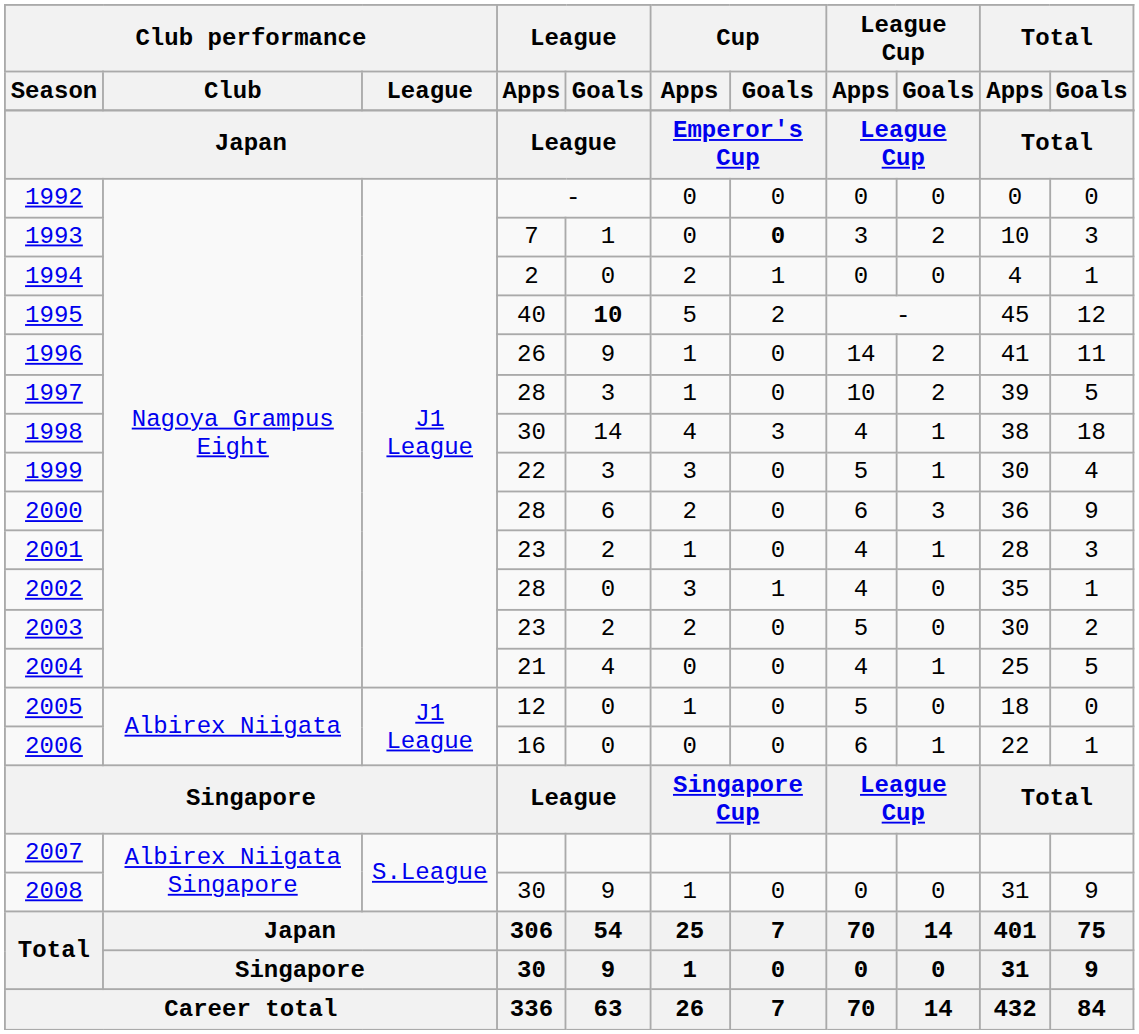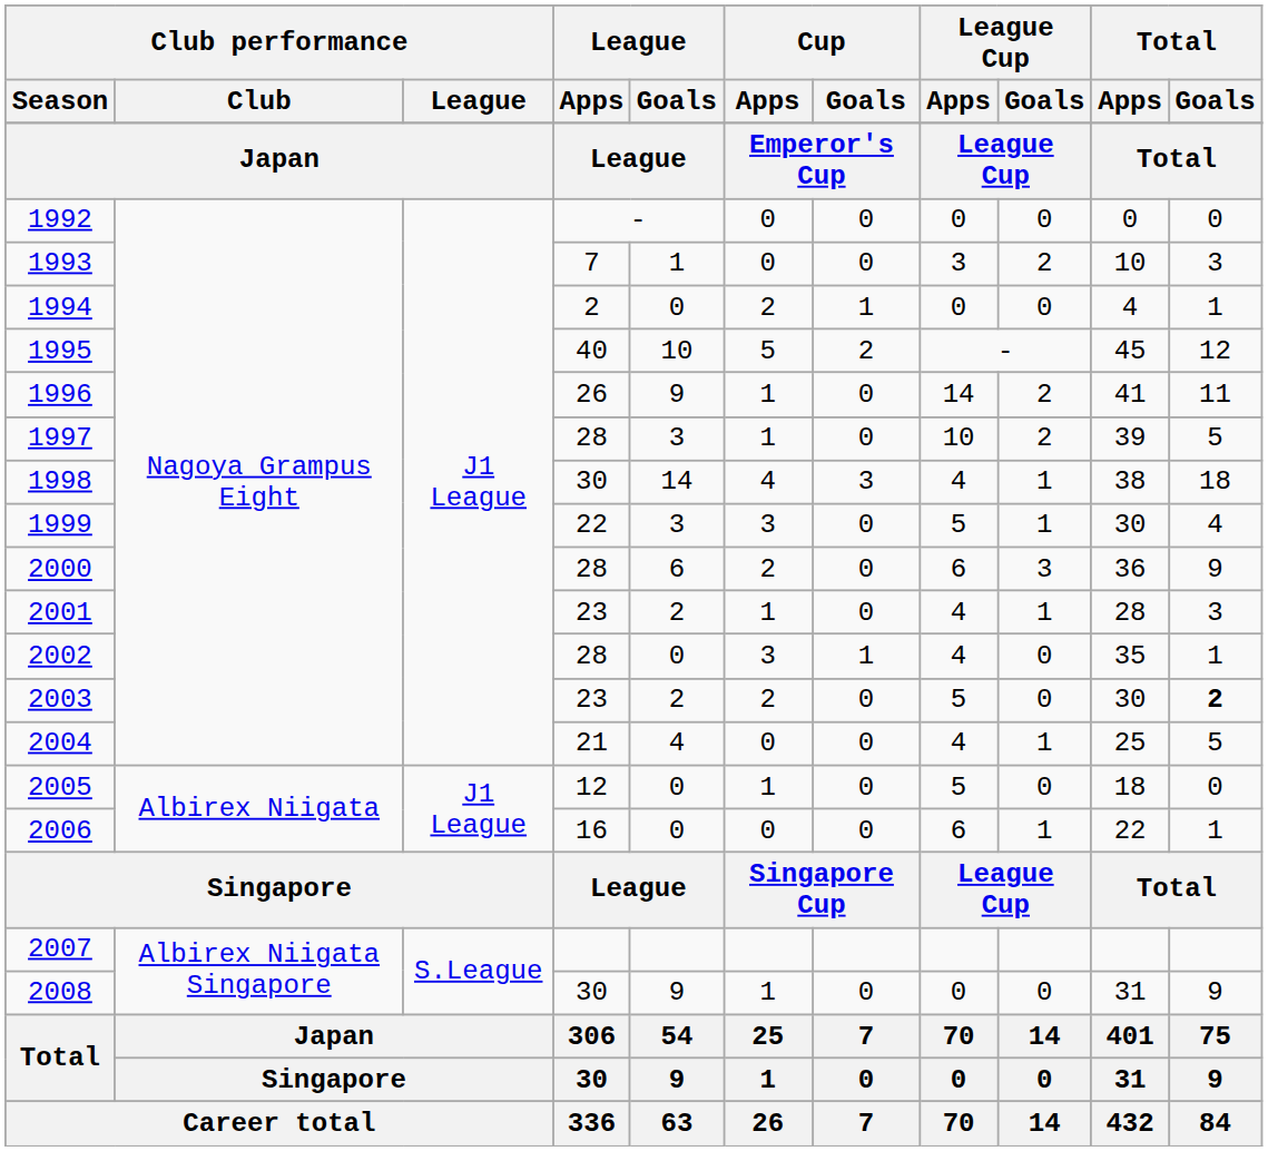 <table class="wikitable" style="text-align:center">
 <tr>
 <th colspan=3>Club performance</th>
 <th colspan=2>League</th>
 <th colspan=2>Cup</th>
 <th colspan=2>League Cup</th>
 <th colspan=2>Total</th>
 </tr>
 <tr>
 <th>Season</th>
 <th>Club</th>
 <th>League</th>
 <th>Apps</th>
 <th>Goals</th>
 <th>Apps</th>
 <th>Goals</th>
 <th>Apps</th>
 <th>Goals</th>
 <th>Apps</th>
 <th>Goals</th>
 </tr>
 <tr>
 </tr>
 <tr>
 <th colspan=3>Japan</th>
 <th colspan=2>League</th>
 <th colspan=2><a href='#'>Emperor's Cup</a></th>
 <th colspan=2><a href='#'>League Cup</a></th>
 <th colspan=2>Total</th>
 </tr>
 <tr>
 <td><a href='#'>1992</a></td>
 <td rowspan="13"><a href='#'>Nagoya Grampus Eight</a></td>
 <td rowspan="13"><a href='#'>J1 League</a></td>
 <td colspan="2">-</td>
 <td>0</td>
 <td>0</td>
 <td>0</td>
 <td>0</td>
 <td>0</td>
 <td>0</td>
 </tr>
 <tr>
 <td><a href='#'>1993</a></td>
 <td>7</td>
 <td>1</td>
 <td>0</td>
-<td><strong>0</strong></td>
+<td>0</td>
 <td>3</td>
 <td>2</td>
 <td>10</td>
 <td>3</td>
 </tr>
 <tr>
 <td><a href='#'>1994</a></td>
 <td>2</td>
 <td>0</td>
 <td>2</td>
 <td>1</td>
 <td>0</td>
 <td>0</td>
 <td>4</td>
 <td>1</td>
 </tr>
 <tr>
 <td><a href='#'>1995</a></td>
 <td>40</td>
-<td><strong>10</strong></td>
+<td>10</td>
 <td>5</td>
 <td>2</td>
 <td colspan="2">-</td>
 <td>45</td>
 <td>12</td>
 </tr>
 <tr>
 <td><a href='#'>1996</a></td>
 <td>26</td>
 <td>9</td>
 <td>1</td>
 <td>0</td>
 <td>14</td>
 <td>2</td>
 <td>41</td>
 <td>11</td>
 </tr>
 <tr>
 <td><a href='#'>1997</a></td>
 <td>28</td>
 <td>3</td>
 <td>1</td>
 <td>0</td>
 <td>10</td>
 <td>2</td>
 <td>39</td>
 <td>5</td>
 </tr>
 <tr>
 <td><a href='#'>1998</a></td>
 <td>30</td>
 <td>14</td>
 <td>4</td>
 <td>3</td>
 <td>4</td>
 <td>1</td>
 <td>38</td>
 <td>18</td>
 </tr>
 <tr>
 <td><a href='#'>1999</a></td>
 <td>22</td>
 <td>3</td>
 <td>3</td>
 <td>0</td>
 <td>5</td>
 <td>1</td>
 <td>30</td>
 <td>4</td>
 </tr>
 <tr>
 <td><a href='#'>2000</a></td>
 <td>28</td>
 <td>6</td>
 <td>2</td>
 <td>0</td>
 <td>6</td>
 <td>3</td>
 <td>36</td>
 <td>9</td>
 </tr>
 <tr>
 <td><a href='#'>2001</a></td>
 <td>23</td>
 <td>2</td>
 <td>1</td>
 <td>0</td>
 <td>4</td>
 <td>1</td>
 <td>28</td>
 <td>3</td>
 </tr>
 <tr>
 <td><a href='#'>2002</a></td>
 <td>28</td>
 <td>0</td>
 <td>3</td>
 <td>1</td>
 <td>4</td>
 <td>0</td>
 <td>35</td>
 <td>1</td>
 </tr>
 <tr>
 <td><a href='#'>2003</a></td>
 <td>23</td>
 <td>2</td>
 <td>2</td>
 <td>0</td>
 <td>5</td>
 <td>0</td>
 <td>30</td>
-<td>2</td>
+<td><strong>2</strong></td>
 </tr>
 <tr>
 <td><a href='#'>2004</a></td>
 <td>21</td>
 <td>4</td>
 <td>0</td>
 <td>0</td>
 <td>4</td>
 <td>1</td>
 <td>25</td>
 <td>5</td>
 </tr>
 <tr>
 <td><a href='#'>2005</a></td>
 <td rowspan="2"><a href='#'>Albirex Niigata</a></td>
 <td rowspan="2"><a href='#'>J1 League</a></td>
 <td>12</td>
 <td>0</td>
 <td>1</td>
 <td>0</td>
 <td>5</td>
 <td>0</td>
 <td>18</td>
 <td>0</td>
 </tr>
 <tr>
 <td><a href='#'>2006</a></td>
 <td>16</td>
 <td>0</td>
 <td>0</td>
 <td>0</td>
 <td>6</td>
 <td>1</td>
 <td>22</td>
 <td>1</td>
 </tr>
 <tr>
 <th colspan=3>Singapore</th>
 <th colspan=2>League</th>
 <th colspan=2><a href='#'>Singapore Cup</a></th>
 <th colspan=2><a href='#'>League Cup</a></th>
 <th colspan=2>Total</th>
 </tr>
 <tr>
 <td><a href='#'>2007</a></td>
 <td rowspan="2"><a href='#'>Albirex Niigata Singapore</a></td>
 <td rowspan="2"><a href='#'>S.League</a></td>
 <td></td>
 <td></td>
 <td></td>
 <td></td>
 <td></td>
 <td></td>
 <td></td>
 <td></td>
 </tr>
 <tr>
 <td><a href='#'>2008</a></td>
 <td>30</td>
 <td>9</td>
 <td>1</td>
 <td>0</td>
 <td>0</td>
 <td>0</td>
 <td>31</td>
 <td>9</td>
 </tr>
 <tr>
 <th rowspan=2>Total</th>
 <th colspan=2>Japan</th>
 <th>306</th>
 <th>54</th>
 <th>25</th>
 <th>7</th>
 <th>70</th>
 <th>14</th>
 <th>401</th>
 <th>75</th>
 </tr>
 <tr>
 <th colspan=2>Singapore</th>
 <th>30</th>
 <th>9</th>
 <th>1</th>
 <th>0</th>
 <th>0</th>
 <th>0</th>
 <th>31</th>
 <th>9</th>
 </tr>
 <tr>
 <th colspan=3>Career total</th>
 <th>336</th>
 <th>63</th>
 <th>26</th>
 <th>7</th>
 <th>70</th>
 <th>14</th>
 <th>432</th>
 <th>84</th>
 </tr>
 </table>
